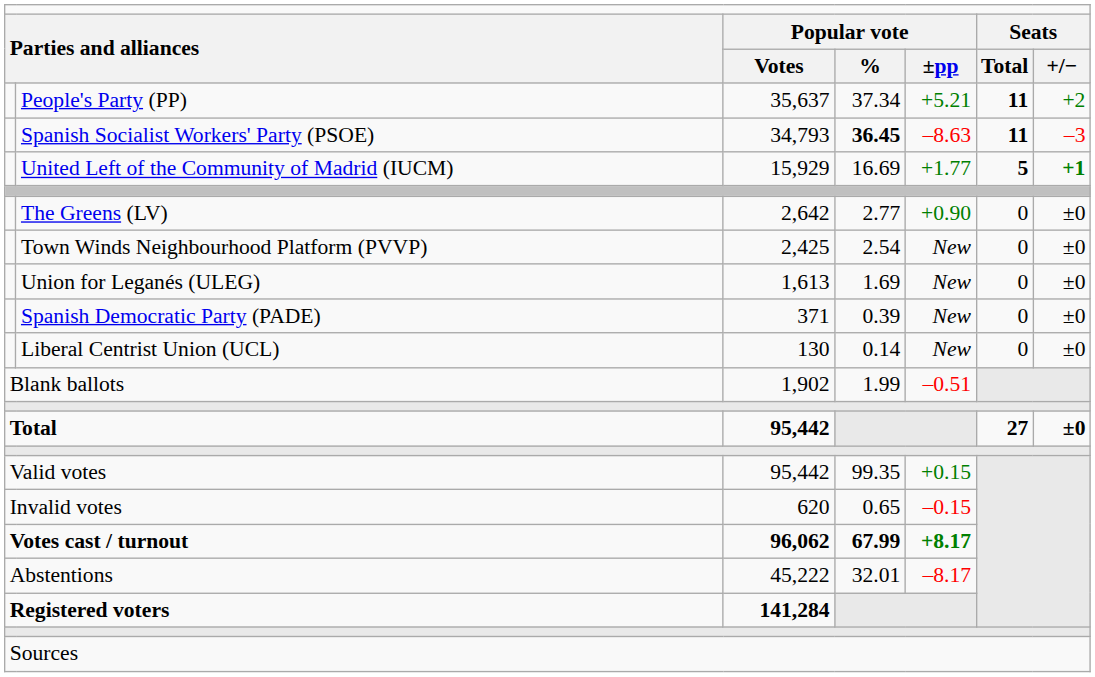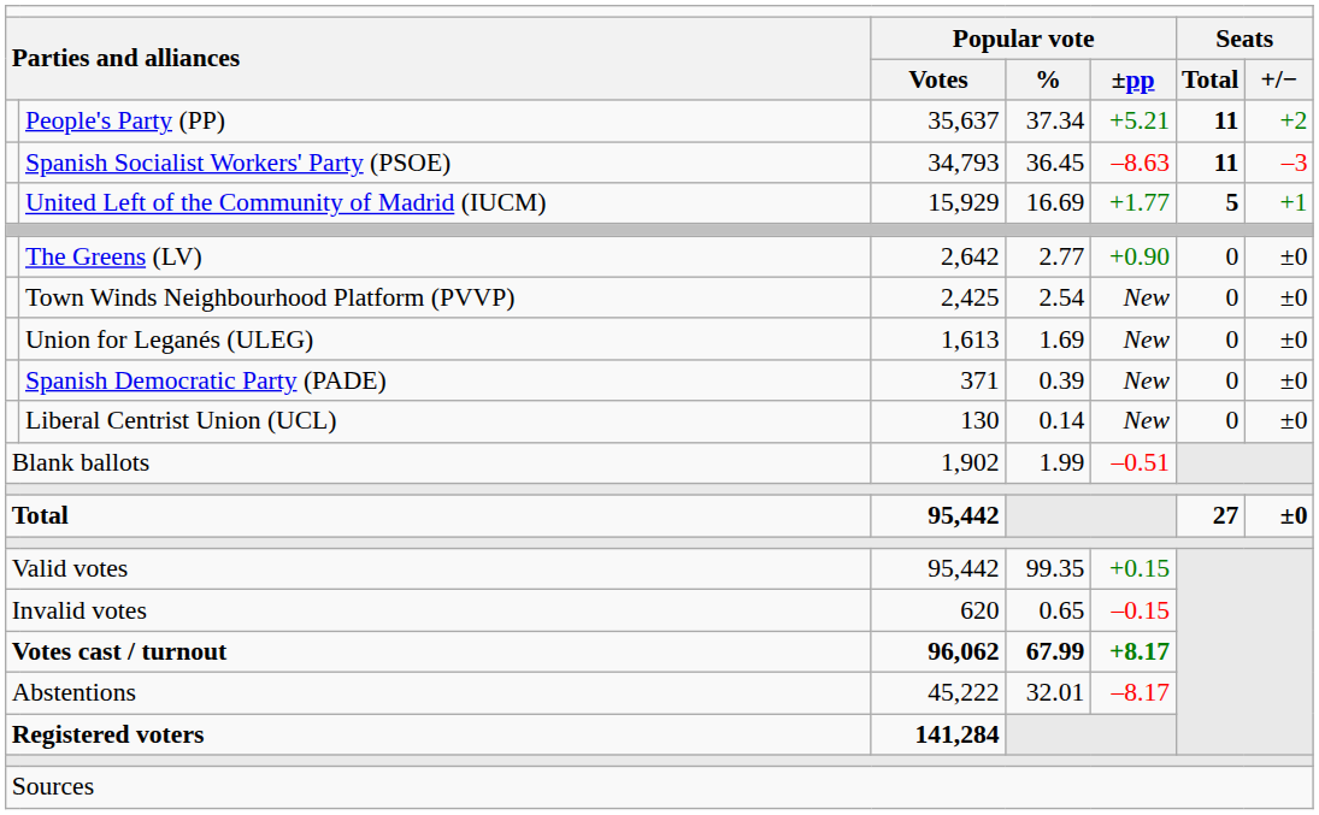 <table class="wikitable" style="text-align:right;">
 <tr>
 <td colspan="7"></td>
 </tr>
 <tr>
 <th style="text-align:left;" rowspan="2" colspan="2" width="525">Parties and alliances</th>
 <th colspan="3">Popular vote</th>
 <th colspan="2">Seats</th>
 </tr>
 <tr>
 <th width="75">Votes</th>
 <th width="45">%</th>
 <th width="45">±<a href='#'>pp</a></th>
 <th width="35">Total</th>
 <th width="35">+/−</th>
 </tr>
 <tr>
 <td width="1" style="color:inherit;background:"></td>
 <td align="left"><a href='#'>People's Party</a> (PP)</td>
 <td>35,637</td>
 <td>37.34</td>
 <td style="color:green;">+5.21</td>
 <td><strong>11</strong></td>
 <td style="color:green;">+2</td>
 </tr>
 <tr>
 <td style="color:inherit;background:"></td>
 <td align="left"><a href='#'>Spanish Socialist Workers' Party</a> (PSOE)</td>
 <td>34,793</td>
-<td><strong>36.45</strong></td>
+<td>36.45</td>
 <td style="color:red;">–8.63</td>
 <td><strong>11</strong></td>
 <td style="color:red;">–3</td>
 </tr>
 <tr>
 <td style="color:inherit;background:"></td>
 <td align="left"><a href='#'>United Left of the Community of Madrid</a> (IUCM)</td>
 <td>15,929</td>
 <td>16.69</td>
 <td style="color:green;">+1.77</td>
 <td><strong>5</strong></td>
-<td style="color:green;"><strong>+1</strong></td>
+<td style="color:green;">+1</td>
 </tr>
 <tr>
 <td colspan="7" bgcolor="#C0C0C0"></td>
 </tr>
 <tr>
 <td style="color:inherit;background:"></td>
 <td align="left"><a href='#'>The Greens</a> (LV)</td>
 <td>2,642</td>
 <td>2.77</td>
 <td style="color:green;">+0.90</td>
 <td>0</td>
 <td>±0</td>
 </tr>
 <tr>
 <td style="color:inherit;background:"></td>
 <td align="left">Town Winds Neighbourhood Platform (PVVP)</td>
 <td>2,425</td>
 <td>2.54</td>
 <td><em>New</em></td>
 <td>0</td>
 <td>±0</td>
 </tr>
 <tr>
 <td style="color:inherit;background:"></td>
 <td align="left">Union for Leganés (ULEG)</td>
 <td>1,613</td>
 <td>1.69</td>
 <td><em>New</em></td>
 <td>0</td>
 <td>±0</td>
 </tr>
 <tr>
 <td style="color:inherit;background:"></td>
 <td align="left"><a href='#'>Spanish Democratic Party</a> (PADE)</td>
 <td>371</td>
 <td>0.39</td>
 <td><em>New</em></td>
 <td>0</td>
 <td>±0</td>
 </tr>
 <tr>
 <td style="color:inherit;background:"></td>
 <td align="left">Liberal Centrist Union (UCL)</td>
 <td>130</td>
 <td>0.14</td>
 <td><em>New</em></td>
 <td>0</td>
 <td>±0</td>
 </tr>
 <tr>
 <td align="left" colspan="2">Blank ballots</td>
 <td>1,902</td>
 <td>1.99</td>
 <td style="color:red;">–0.51</td>
 <td bgcolor="#E9E9E9" colspan="2"></td>
 </tr>
 <tr>
 <td colspan="7" bgcolor="#E9E9E9"></td>
 </tr>
 <tr style="font-weight:bold;">
 <td align="left" colspan="2">Total</td>
 <td>95,442</td>
 <td bgcolor="#E9E9E9" colspan="2"></td>
 <td>27</td>
 <td>±0</td>
 </tr>
 <tr>
 <td colspan="7" bgcolor="#E9E9E9"></td>
 </tr>
 <tr>
 <td align="left" colspan="2">Valid votes</td>
 <td>95,442</td>
 <td>99.35</td>
 <td style="color:green;">+0.15</td>
 <td bgcolor="#E9E9E9" colspan="2" rowspan="5"></td>
 </tr>
 <tr>
 <td align="left" colspan="2">Invalid votes</td>
 <td>620</td>
 <td>0.65</td>
 <td style="color:red;">–0.15</td>
 </tr>
 <tr style="font-weight:bold;">
 <td align="left" colspan="2">Votes cast / turnout</td>
 <td>96,062</td>
 <td>67.99</td>
 <td style="color:green;">+8.17</td>
 </tr>
 <tr>
 <td align="left" colspan="2">Abstentions</td>
 <td>45,222</td>
 <td>32.01</td>
 <td style="color:red;">–8.17</td>
 </tr>
 <tr style="font-weight:bold;">
 <td align="left" colspan="2">Registered voters</td>
 <td>141,284</td>
 <td bgcolor="#E9E9E9" colspan="2"></td>
 </tr>
 <tr>
 <td colspan="7" bgcolor="#E9E9E9"></td>
 </tr>
 <tr>
 <td align="left" colspan="7">Sources</td>
 </tr>
 </table>
